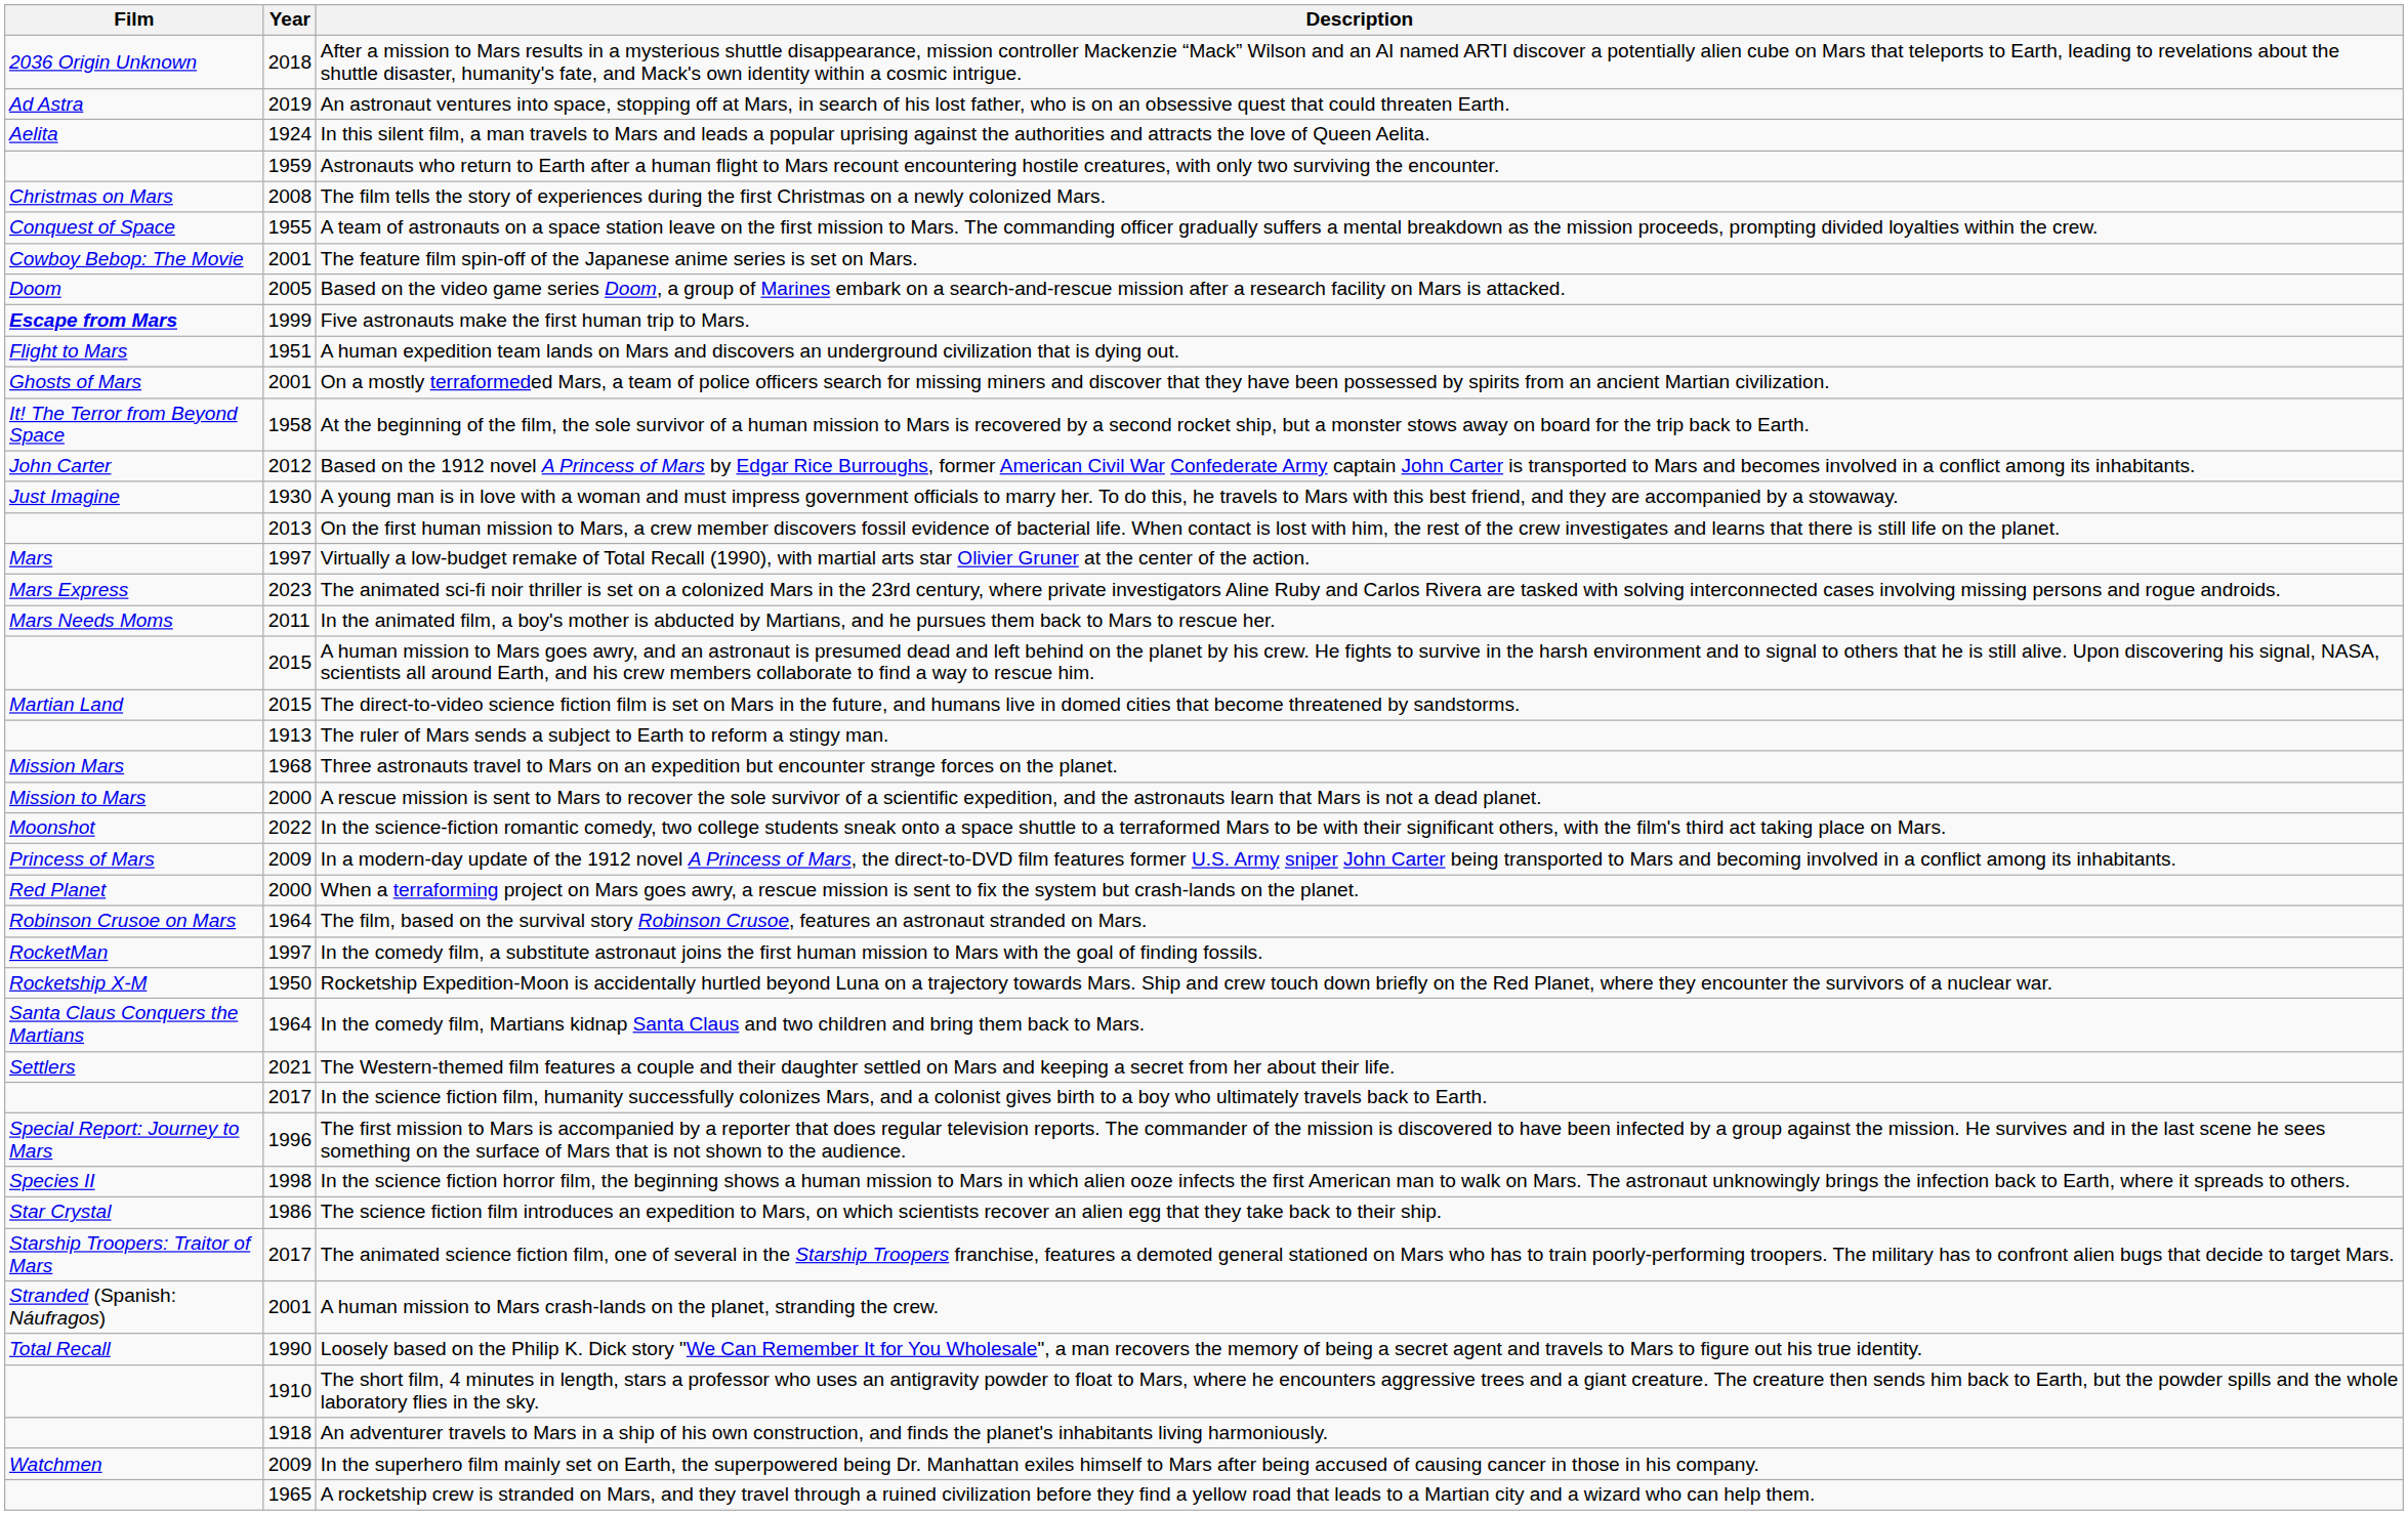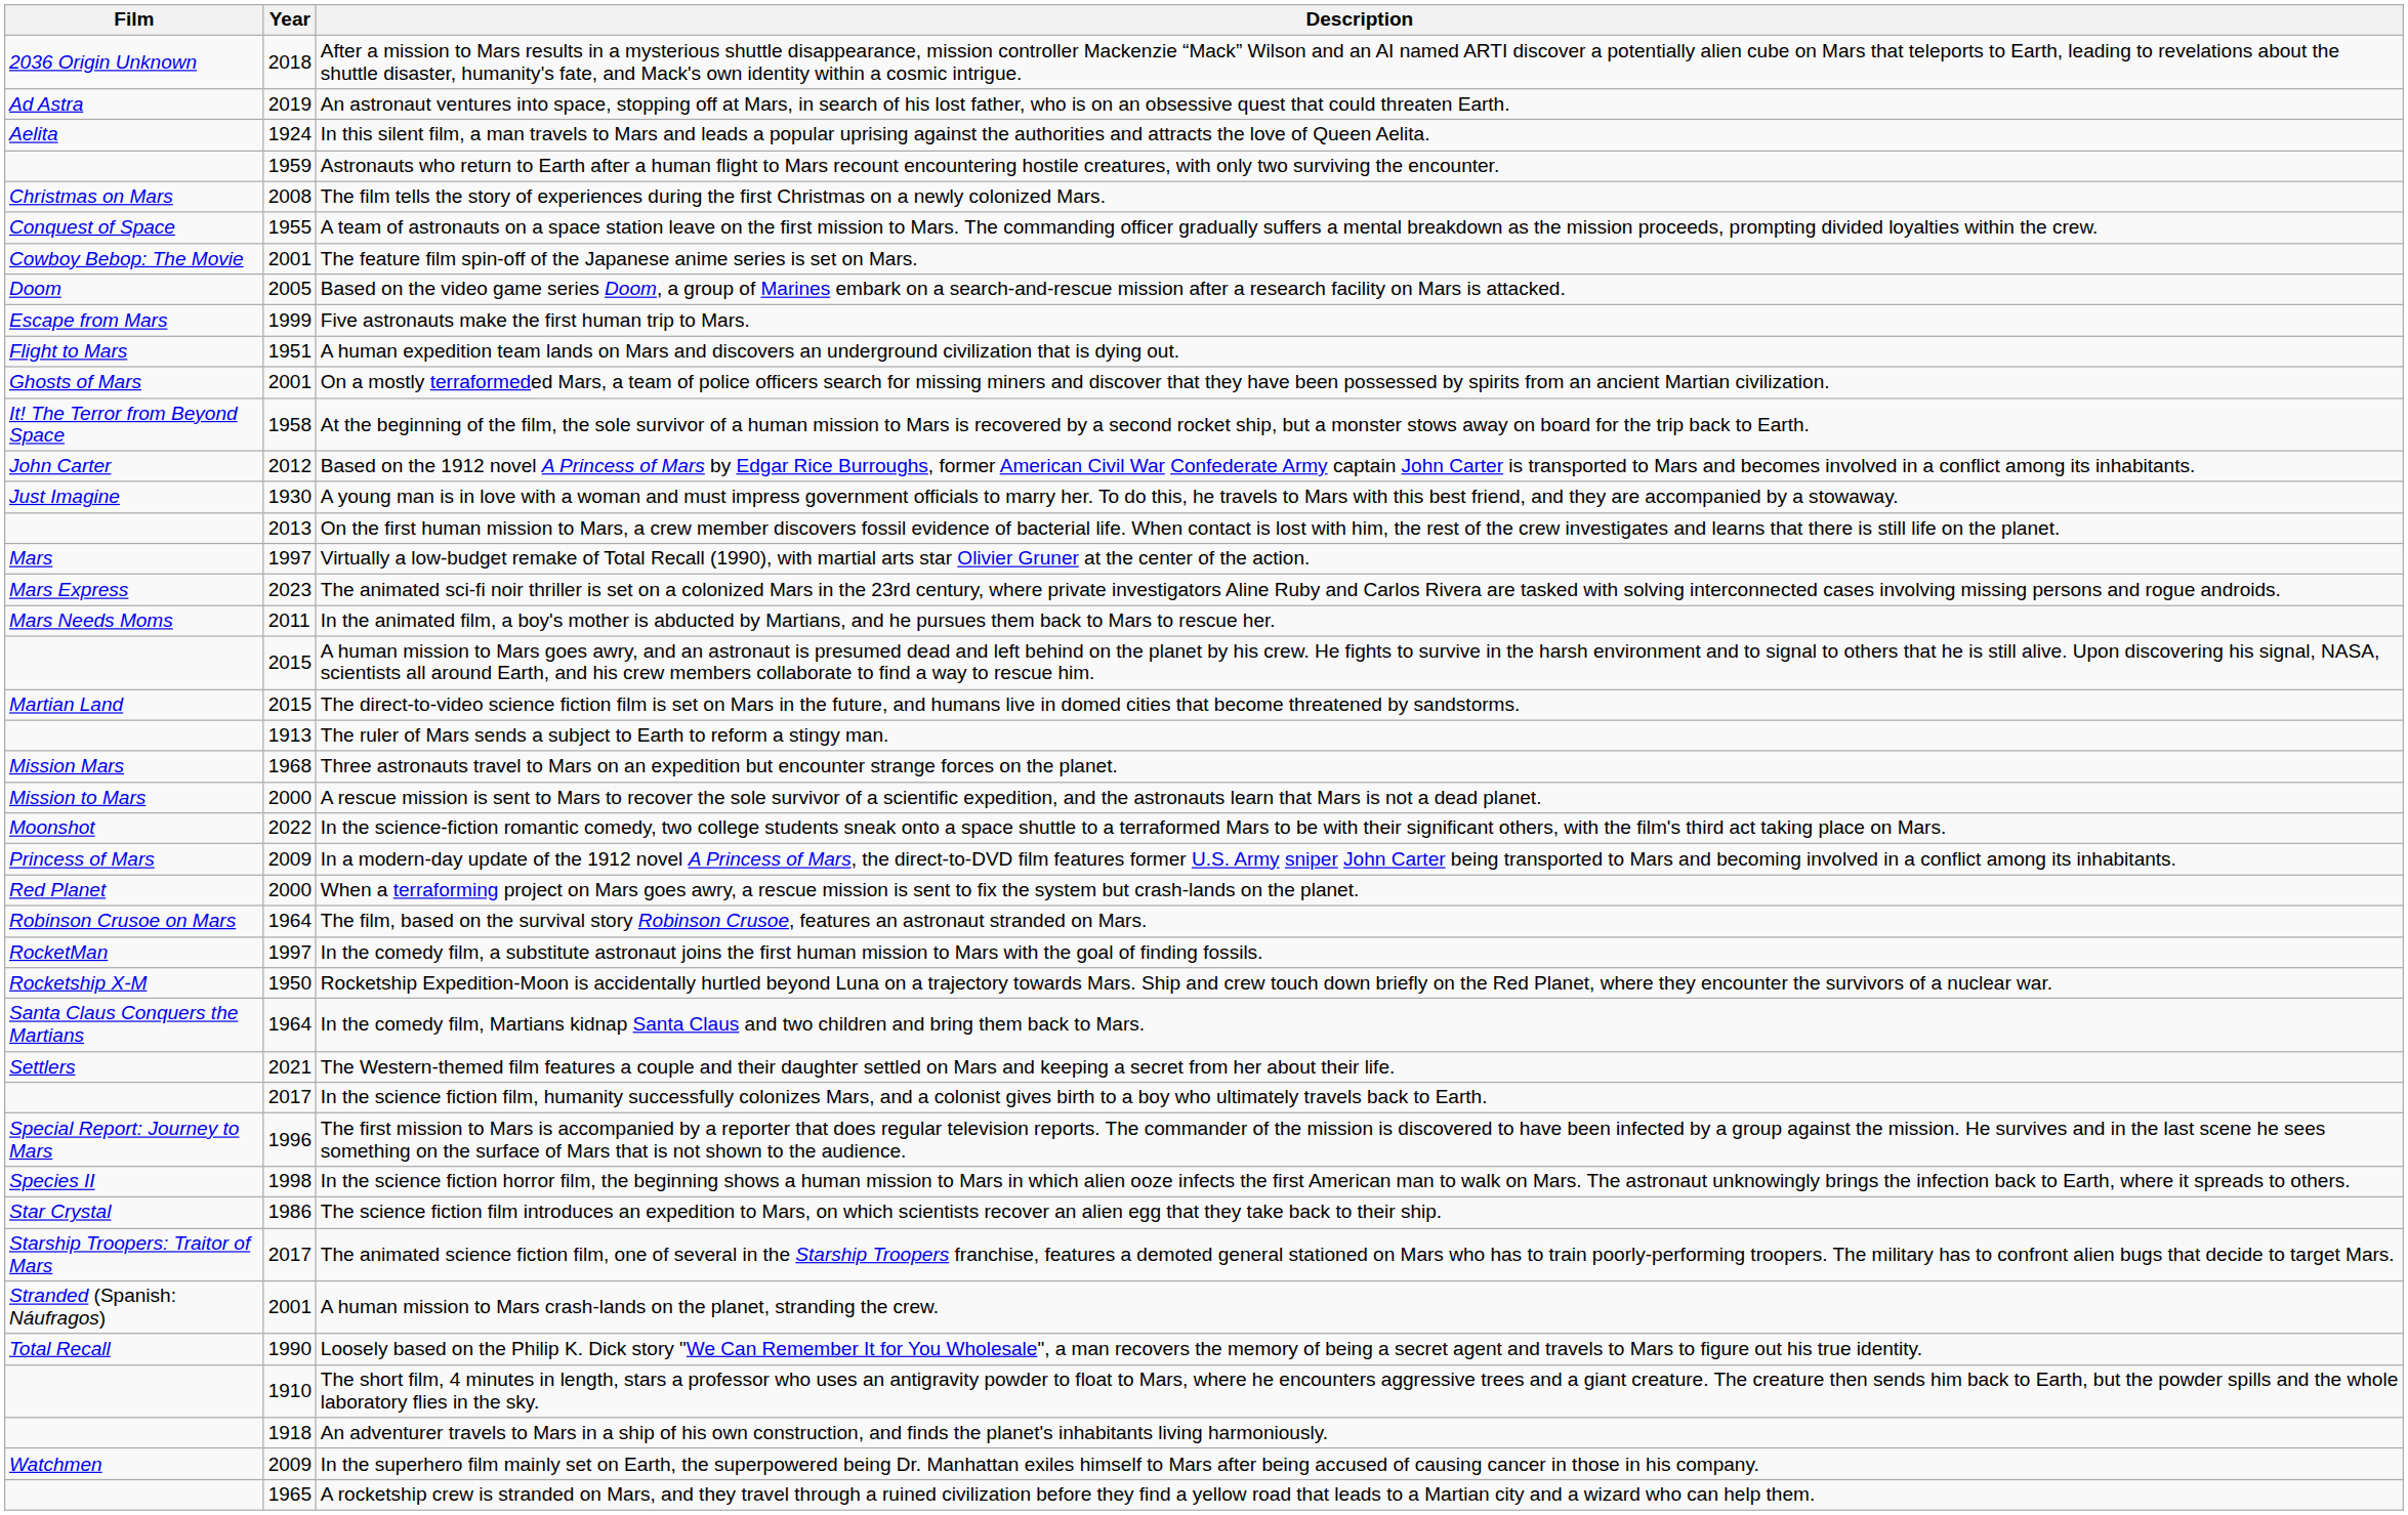 <table class="wikitable sortable">
 <tr>
 <th scope="col">Film</th>
 <th scope="col">Year</th>
 <th scope="col" class="unsortable">Description</th>
 </tr>
 <tr>
 <td><em><a href='#'>2036 Origin Unknown</a></em></td>
 <td>2018</td>
 <td>After a mission to Mars results in a mysterious shuttle disappearance, mission controller Mackenzie “Mack” Wilson and an AI named ARTI discover a potentially alien cube on Mars that teleports to Earth, leading to revelations about the shuttle disaster, humanity's fate, and Mack's own identity within a cosmic intrigue.</td>
 </tr>
 <tr>
 <td><em><a href='#'>Ad Astra</a></em></td>
 <td>2019</td>
 <td>An astronaut ventures into space, stopping off at Mars, in search of his lost father, who is on an obsessive quest that could threaten Earth.</td>
 </tr>
 <tr>
 <td><em><a href='#'>Aelita</a></em></td>
 <td>1924</td>
 <td>In this silent film, a man travels to Mars and leads a popular uprising against the authorities and attracts the love of Queen Aelita.</td>
 </tr>
 <tr>
 <td><em></em></td>
 <td>1959</td>
 <td>Astronauts who return to Earth after a human flight to Mars recount encountering hostile creatures, with only two surviving the encounter.</td>
 </tr>
 <tr>
 <td><em><a href='#'>Christmas on Mars</a></em></td>
 <td>2008</td>
 <td>The film tells the story of experiences during the first Christmas on a newly colonized Mars.</td>
 </tr>
 <tr>
 <td><em><a href='#'>Conquest of Space</a></em></td>
 <td>1955</td>
 <td>A team of astronauts on a space station leave on the first mission to Mars. The commanding officer gradually suffers a mental breakdown as the mission proceeds, prompting divided loyalties within the crew.</td>
 </tr>
 <tr>
 <td><em><a href='#'>Cowboy Bebop: The Movie</a></em></td>
 <td>2001</td>
 <td>The feature film spin-off of the Japanese anime series is set on Mars.</td>
 </tr>
 <tr>
 <td><em><a href='#'>Doom</a></em></td>
 <td>2005</td>
 <td>Based on the video game series <em><a href='#'>Doom</a></em>, a group of <a href='#'>Marines</a> embark on a search-and-rescue mission after a research facility on Mars is attacked.</td>
 </tr>
 <tr>
-<td><strong><em><a href='#'>Escape from Mars</a></em></strong></td>
+<td><em><a href='#'>Escape from Mars</a></em></td>
 <td>1999</td>
 <td>Five astronauts make the first human trip to Mars.</td>
 </tr>
 <tr>
 <td><em><a href='#'>Flight to Mars</a></em></td>
 <td>1951</td>
 <td>A human expedition team lands on Mars and discovers an underground civilization that is dying out.</td>
 </tr>
 <tr>
 <td><em><a href='#'>Ghosts of Mars</a></em></td>
 <td>2001</td>
 <td>On a mostly <a href='#'>terraformed</a>ed Mars, a team of police officers search for missing miners and discover that they have been possessed by spirits from an ancient Martian civilization.</td>
 </tr>
 <tr>
 <td><em><a href='#'>It! The Terror from Beyond Space</a></em></td>
 <td>1958</td>
 <td>At the beginning of the film, the sole survivor of a human mission to Mars is recovered by a second rocket ship, but a monster stows away on board for the trip back to Earth.</td>
 </tr>
 <tr>
 <td><em><a href='#'>John Carter</a></em></td>
 <td>2012</td>
 <td>Based on the 1912 novel <em><a href='#'>A Princess of Mars</a></em> by <a href='#'>Edgar Rice Burroughs</a>, former <a href='#'>American Civil War</a> <a href='#'>Confederate Army</a> captain <a href='#'>John Carter</a> is transported to Mars and becomes involved in a conflict among its inhabitants.</td>
 </tr>
 <tr>
 <td><em><a href='#'>Just Imagine</a></em></td>
 <td>1930</td>
 <td>A young man is in love with a woman and must impress government officials to marry her. To do this, he travels to Mars with this best friend, and they are accompanied by a stowaway.</td>
 </tr>
 <tr>
 <td><em></em></td>
 <td>2013</td>
 <td>On the first human mission to Mars, a crew member discovers fossil evidence of bacterial life. When contact is lost with him, the rest of the crew investigates and learns that there is still life on the planet.</td>
 </tr>
 <tr>
 <td><em><a href='#'>Mars</a></em></td>
 <td>1997</td>
 <td>Virtually a low-budget remake of Total Recall (1990), with martial arts star <a href='#'>Olivier Gruner</a> at the center of the action.</td>
 </tr>
 <tr>
 <td><em><a href='#'>Mars Express</a></em></td>
 <td>2023</td>
 <td>The animated sci-fi noir thriller is set on a colonized Mars in the 23rd century, where private investigators Aline Ruby and Carlos Rivera are tasked with solving interconnected cases involving missing persons and rogue androids.</td>
 </tr>
 <tr>
 <td><em><a href='#'>Mars Needs Moms</a></em></td>
 <td>2011</td>
 <td>In the animated film, a boy's mother is abducted by Martians, and he pursues them back to Mars to rescue her.</td>
 </tr>
 <tr>
 <td><em></em></td>
 <td>2015</td>
 <td>A human mission to Mars goes awry, and an astronaut is presumed dead and left behind on the planet by his crew. He fights to survive in the harsh environment and to signal to others that he is still alive. Upon discovering his signal, NASA, scientists all around Earth, and his crew members collaborate to find a way to rescue him.</td>
 </tr>
 <tr>
 <td><em><a href='#'>Martian Land</a></em></td>
 <td>2015</td>
 <td>The direct-to-video science fiction film is set on Mars in the future, and humans live in domed cities that become threatened by sandstorms.</td>
 </tr>
 <tr>
 <td><em></em></td>
 <td>1913</td>
 <td>The ruler of Mars sends a subject to Earth to reform a stingy man.</td>
 </tr>
 <tr>
 <td><em><a href='#'>Mission Mars</a></em></td>
 <td>1968</td>
 <td>Three astronauts travel to Mars on an expedition but encounter strange forces on the planet.</td>
 </tr>
 <tr>
 <td><em><a href='#'>Mission to Mars</a></em></td>
 <td>2000</td>
 <td>A rescue mission is sent to Mars to recover the sole survivor of a scientific expedition, and the astronauts learn that Mars is not a dead planet.</td>
 </tr>
 <tr>
 <td><em><a href='#'>Moonshot</a></em></td>
 <td>2022</td>
 <td>In the science-fiction romantic comedy, two college students sneak onto a space shuttle to a terraformed Mars to be with their significant others, with the film's third act taking place on Mars.</td>
 </tr>
 <tr>
 <td><em><a href='#'>Princess of Mars</a></em></td>
 <td>2009</td>
 <td>In a modern-day update of the 1912 novel <em><a href='#'>A Princess of Mars</a></em>, the direct-to-DVD film features former <a href='#'>U.S. Army</a> <a href='#'>sniper</a> <a href='#'>John Carter</a> being transported to Mars and becoming involved in a conflict among its inhabitants.</td>
 </tr>
 <tr>
 <td><em><a href='#'>Red Planet</a></em></td>
 <td>2000</td>
 <td>When a <a href='#'>terraforming</a> project on Mars goes awry, a rescue mission is sent to fix the system but crash-lands on the planet.</td>
 </tr>
 <tr>
 <td><em><a href='#'>Robinson Crusoe on Mars</a></em></td>
 <td>1964</td>
 <td>The film, based on the survival story <em><a href='#'>Robinson Crusoe</a></em>, features an astronaut stranded on Mars.</td>
 </tr>
 <tr>
 <td><em><a href='#'>RocketMan</a></em></td>
 <td>1997</td>
 <td>In the comedy film, a substitute astronaut joins the first human mission to Mars with the goal of finding fossils.</td>
 </tr>
 <tr>
 <td><em><a href='#'>Rocketship X-M</a></em></td>
 <td>1950</td>
 <td>Rocketship Expedition-Moon is accidentally hurtled beyond Luna on a trajectory towards Mars. Ship and crew touch down briefly on the Red Planet, where they encounter the survivors of a nuclear war.</td>
 </tr>
 <tr>
 <td><em><a href='#'>Santa Claus Conquers the Martians</a></em></td>
 <td>1964</td>
 <td>In the comedy film, Martians kidnap <a href='#'>Santa Claus</a> and two children and bring them back to Mars.</td>
 </tr>
 <tr>
 <td><em><a href='#'>Settlers</a></em></td>
 <td>2021</td>
 <td>The Western-themed film features a couple and their daughter settled on Mars and keeping a secret from her about their life.</td>
 </tr>
 <tr>
 <td><em></em></td>
 <td>2017</td>
 <td>In the science fiction film, humanity successfully colonizes Mars, and a colonist gives birth to a boy who ultimately travels back to Earth.</td>
 </tr>
 <tr>
 <td><em><a href='#'>Special Report: Journey to Mars</a></em></td>
 <td>1996</td>
 <td>The first mission to Mars is accompanied by a reporter that does regular television reports. The commander of the mission is discovered to have been infected by a group against the mission. He survives and in the last scene he sees something on the surface of Mars that is not shown to the audience.</td>
 </tr>
 <tr>
 <td><em><a href='#'>Species II</a></em></td>
 <td>1998</td>
 <td>In the science fiction horror film, the beginning shows a human mission to Mars in which alien ooze infects the first American man to walk on Mars. The astronaut unknowingly brings the infection back to Earth, where it spreads to others.</td>
 </tr>
 <tr>
 <td><em><a href='#'>Star Crystal</a></em></td>
 <td>1986</td>
 <td>The science fiction film introduces an expedition to Mars, on which scientists recover an alien egg that they take back to their ship.</td>
 </tr>
 <tr>
 <td><em><a href='#'>Starship Troopers: Traitor of Mars</a></em></td>
 <td>2017</td>
 <td>The animated science fiction film, one of several in the <em><a href='#'>Starship Troopers</a></em> franchise, features a demoted general stationed on Mars who has to train poorly-performing troopers. The military has to confront alien bugs that decide to target Mars.</td>
 </tr>
 <tr>
 <td><em><a href='#'>Stranded</a></em> (Spanish: <em>Náufragos</em>)</td>
 <td>2001</td>
 <td>A human mission to Mars crash-lands on the planet, stranding the crew.</td>
 </tr>
 <tr>
 <td><em><a href='#'>Total Recall</a></em></td>
 <td>1990</td>
 <td>Loosely based on the Philip K. Dick story "<a href='#'>We Can Remember It for You Wholesale</a>", a man recovers the memory of being a secret agent and travels to Mars to figure out his true identity.</td>
 </tr>
 <tr>
 <td><em></em></td>
 <td>1910</td>
 <td>The short film, 4 minutes in length, stars a professor who uses an antigravity powder to float to Mars, where he encounters aggressive trees and a giant creature. The creature then sends him back to Earth, but the powder spills and the whole laboratory flies in the sky.</td>
 </tr>
 <tr>
 <td><em></em></td>
 <td>1918</td>
 <td>An adventurer travels to Mars in a ship of his own construction, and finds the planet's inhabitants living harmoniously.</td>
 </tr>
 <tr>
 <td><em><a href='#'>Watchmen</a></em></td>
 <td>2009</td>
 <td>In the superhero film mainly set on Earth, the superpowered being Dr. Manhattan exiles himself to Mars after being accused of causing cancer in those in his company.</td>
 </tr>
 <tr>
 <td><em></em></td>
 <td>1965</td>
 <td>A rocketship crew is stranded on Mars, and they travel through a ruined civilization before they find a yellow road that leads to a Martian city and a wizard who can help them.</td>
 </tr>
 </table>
